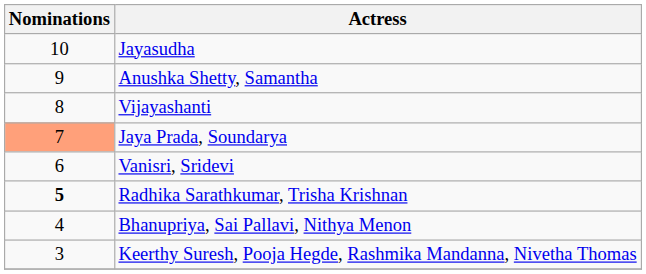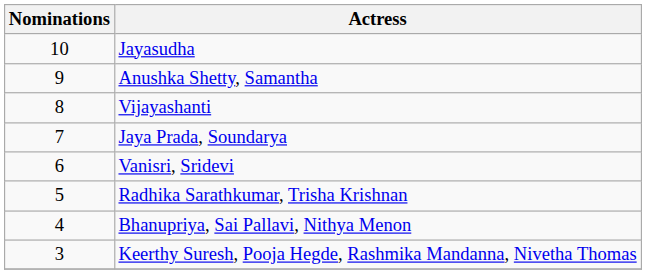 <table class="wikitable">
 <tr>
 <th>Nominations</th>
 <th>Actress</th>
 </tr>
 <tr>
 <td style="text-align:center;">10</td>
 <td><a href='#'>Jayasudha</a></td>
 </tr>
 <tr>
 <td style="text-align:center;">9</td>
 <td><a href='#'>Anushka Shetty</a>, <a href='#'>Samantha</a></td>
 </tr>
 <tr>
 <td style="text-align:center;">8</td>
 <td><a href='#'>Vijayashanti</a></td>
 </tr>
 <tr>
-<td style="background: lightsalmon; text-align:center;">7</td>
+<td style="text-align:center;">7</td>
 <td><a href='#'>Jaya Prada</a>, <a href='#'>Soundarya</a></td>
 </tr>
 <tr>
 <td style="text-align:center;">6</td>
 <td><a href='#'>Vanisri</a>, <a href='#'>Sridevi</a></td>
 </tr>
 <tr>
-<td style="text-align:center;"><strong>5</strong></td>
+<td style="text-align:center;">5</td>
 <td><a href='#'>Radhika Sarathkumar</a>, <a href='#'>Trisha Krishnan</a></td>
 </tr>
 <tr>
 <td style="text-align:center;">4</td>
 <td><a href='#'>Bhanupriya</a>, <a href='#'>Sai Pallavi</a>, <a href='#'>Nithya Menon</a></td>
 </tr>
 <tr>
 <td style="text-align:center;">3</td>
 <td><a href='#'>Keerthy Suresh</a>, <a href='#'>Pooja Hegde</a>, <a href='#'>Rashmika Mandanna</a>, <a href='#'>Nivetha Thomas</a></td>
 </tr>
 <tr>
 </tr>
 </table>
